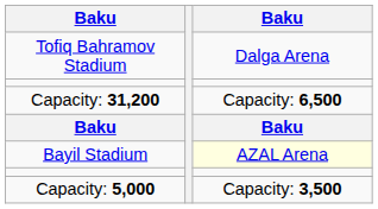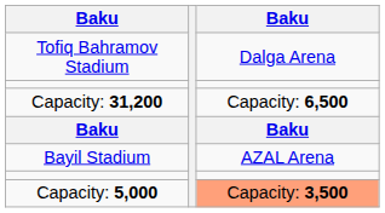 <table class=wikitable style="text-align:center;margin:1em auto;">
 <tr>
 <th width=160><a href='#'>Baku</a></th>
 <th rowspan=8><br></th>
 <th width=160><a href='#'>Baku</a></th>
 </tr>
 <tr>
 <td><a href='#'>Tofiq Bahramov Stadium</a></td>
 <td><a href='#'>Dalga Arena</a></td>
 </tr>
 <tr>
 <td></td>
 <td></td>
 </tr>
 <tr>
 <td>Capacity: <strong>31,200</strong></td>
 <td>Capacity: <strong>6,500</strong></td>
 </tr>
 <tr>
 <th width=160><a href='#'>Baku</a></th>
 <th><a href='#'>Baku</a></th>
 </tr>
 <tr>
 <td><a href='#'>Bayil Stadium</a></td>
-<td style="background: lightyellow;"><a href='#'>AZAL Arena</a></td>
+<td><a href='#'>AZAL Arena</a></td>
 </tr>
 <tr>
 <td></td>
 <td></td>
 </tr>
 <tr>
 <td>Capacity: <strong>5,000</strong></td>
-<td>Capacity: <strong>3,500</strong></td>
+<td style="background: lightsalmon;">Capacity: <strong>3,500</strong></td>
 </tr>
 </table>
